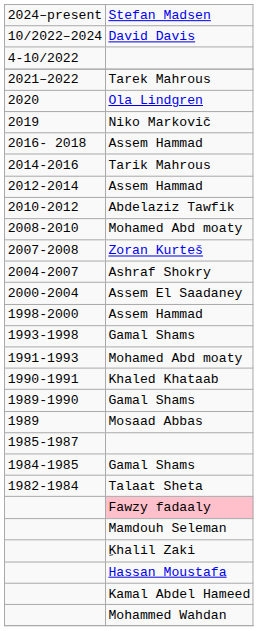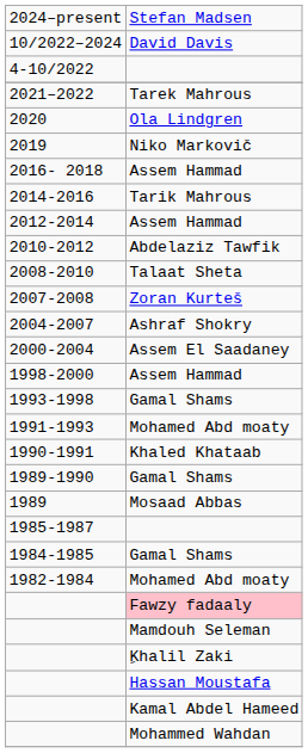 <table class="wikitable">
 <tr>
 <td>2024–present</td>
 <td> <a href='#'>Stefan Madsen</a></td>
 </tr>
 <tr>
 <td>10/2022–2024</td>
 <td> <a href='#'>David Davis</a></td>
 </tr>
 <tr>
 <td>4-10/2022</td>
 <td> </td>
 </tr>
 <tr>
 </tr>
 <tr>
 <td>2021–2022</td>
 <td> Tarek Mahrous</td>
 </tr>
 <tr>
 <td>2020</td>
 <td> <a href='#'>Ola Lindgren</a></td>
 </tr>
 <tr>
 <td>2019</td>
 <td> Niko Markovič</td>
 </tr>
 <tr>
 <td>2016- 2018</td>
 <td> Assem Hammad</td>
 </tr>
 <tr>
 <td>2014-2016</td>
 <td> Tarik Mahrous</td>
 </tr>
 <tr>
 <td>2012-2014</td>
 <td> Assem Hammad</td>
 </tr>
 <tr>
 <td>2010-2012</td>
 <td> Abdelaziz Tawfik</td>
 </tr>
 <tr>
 <td>2008-2010</td>
-<td> Mohamed Abd moaty</td>
+<td> Talaat Sheta</td>
 </tr>
 <tr>
 <td>2007-2008</td>
 <td> <a href='#'>Zoran Kurteš</a></td>
 </tr>
 <tr>
 <td>2004-2007</td>
 <td> Ashraf Shokry</td>
 </tr>
 <tr>
 <td>2000-2004</td>
 <td> Assem El Saadaney</td>
 </tr>
 <tr>
 <td>1998-2000</td>
 <td> Assem Hammad</td>
 </tr>
 <tr>
 <td>1993-1998</td>
 <td> Gamal Shams</td>
 </tr>
 <tr>
 <td>1991-1993</td>
 <td> Mohamed Abd moaty</td>
 </tr>
 <tr>
 <td>1990-1991</td>
 <td> Khaled Khataab</td>
 </tr>
 <tr>
 <td>1989-1990</td>
 <td> Gamal Shams</td>
 </tr>
 <tr>
 <td>1989</td>
 <td> Mosaad Abbas</td>
 </tr>
 <tr>
 <td>1985-1987</td>
 <td> </td>
 </tr>
 <tr>
 <td>1984-1985</td>
 <td> Gamal Shams</td>
 </tr>
 <tr>
 <td>1982-1984</td>
-<td> Talaat Sheta</td>
+<td> Mohamed Abd moaty</td>
 </tr>
 <tr>
 <td></td>
 <td style="background: pink;"> Fawzy fadaaly</td>
 </tr>
 <tr>
 <td></td>
 <td> Mamdouh Seleman</td>
 </tr>
 <tr>
 <td></td>
 <td> ِKhalil Zaki</td>
 </tr>
 <tr>
 <td></td>
 <td> <a href='#'>Hassan Moustafa</a></td>
 </tr>
 <tr>
 <td></td>
 <td> Kamal Abdel Hameed</td>
 </tr>
 <tr>
 <td></td>
 <td> Mohammed Wahdan</td>
 </tr>
 <tr>
 </tr>
 </table>
